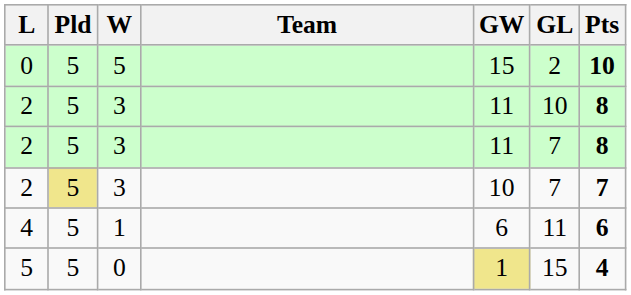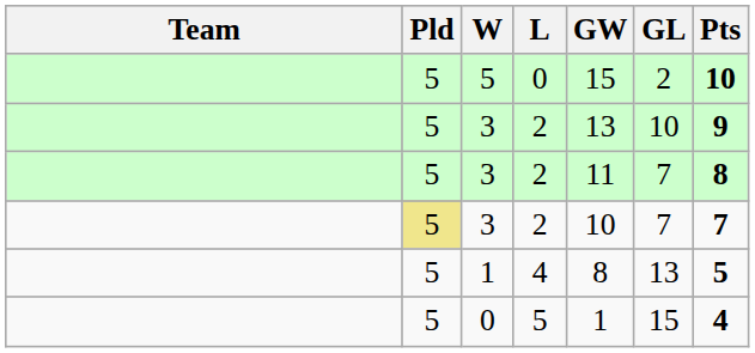 <table class="wikitable" style="text-align:center">
 <tr>
-<th width=20>L</th>
+<th width=200>Team</th>
 <th width=20>Pld</th>
 <th width=20>W</th>
-<th width=200>Team</th>
+<th width=20>L</th>
 <th width=20>GW</th>
 <th width=20>GL</th>
 <th width=20>Pts</th>
 </tr>
 <tr bgcolor=ccffcc>
-<td>0</td>
+<td style="text-align:left;"></td>
 <td>5</td>
 <td>5</td>
-<td style="text-align:left;"></td>
+<td>0</td>
 <td>15</td>
 <td>2</td>
 <td><strong>10</strong></td>
 </tr>
 <tr bgcolor=ccffcc>
-<td>2</td>
+<td style="text-align:left;"></td>
 <td>5</td>
 <td>3</td>
-<td style="text-align:left;"></td>
-<td>11</td>
+<td>2</td>
+<td>13</td>
 <td>10</td>
-<td><strong>8</strong></td>
+<td><strong>9</strong></td>
 </tr>
 <tr bgcolor=ccffcc>
-<td>2</td>
+<td style="text-align:left;"></td>
 <td>5</td>
 <td>3</td>
-<td style="text-align:left;"></td>
+<td>2</td>
 <td>11</td>
 <td>7</td>
 <td><strong>8</strong></td>
 </tr>
 <tr>
-<td>2</td>
+<td style="text-align:left;"></td>
 <td style="background: khaki;">5</td>
 <td>3</td>
-<td style="text-align:left;"></td>
+<td>2</td>
 <td>10</td>
 <td>7</td>
 <td><strong>7</strong></td>
 </tr>
 <tr>
-<td>4</td>
+<td style="text-align:left;"></td>
 <td>5</td>
 <td>1</td>
-<td style="text-align:left;"></td>
-<td>6</td>
-<td>11</td>
-<td><strong>6</strong></td>
+<td>4</td>
+<td>8</td>
+<td>13</td>
+<td><strong>5</strong></td>
 </tr>
 <tr>
-<td>5</td>
+<td style="text-align:left;"></td>
 <td>5</td>
 <td>0</td>
-<td style="text-align:left;"></td>
-<td style="background: khaki;">1</td>
+<td>5</td>
+<td>1</td>
 <td>15</td>
 <td><strong>4</strong></td>
 </tr>
 </table>
